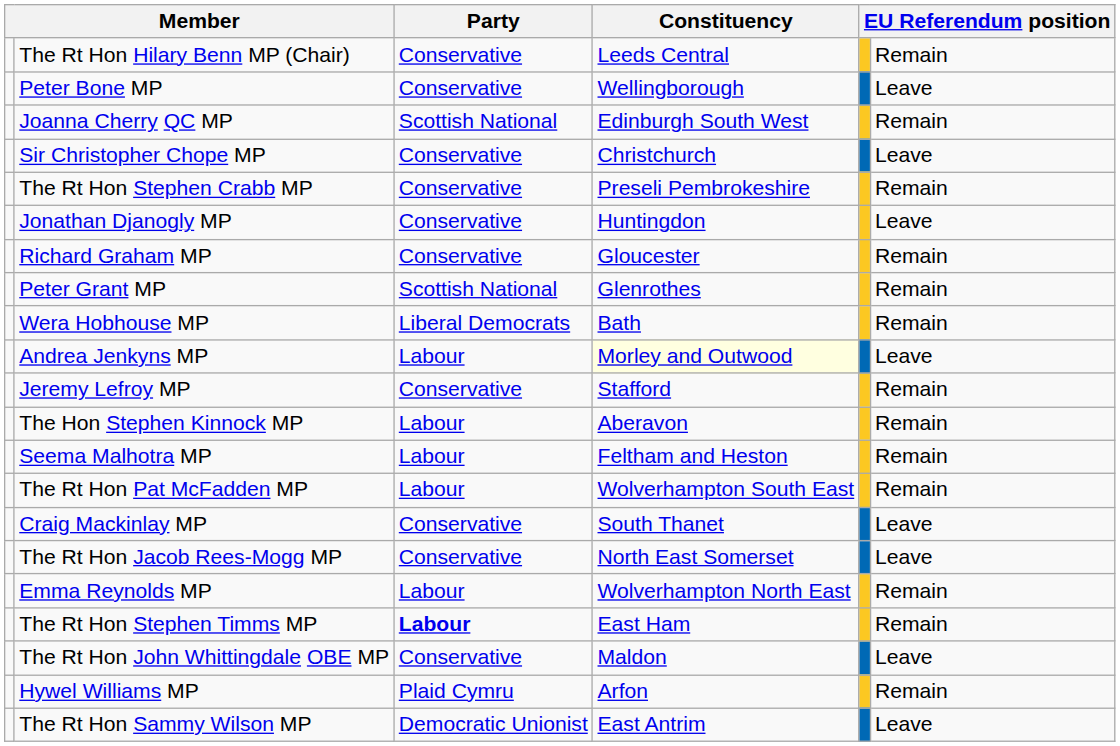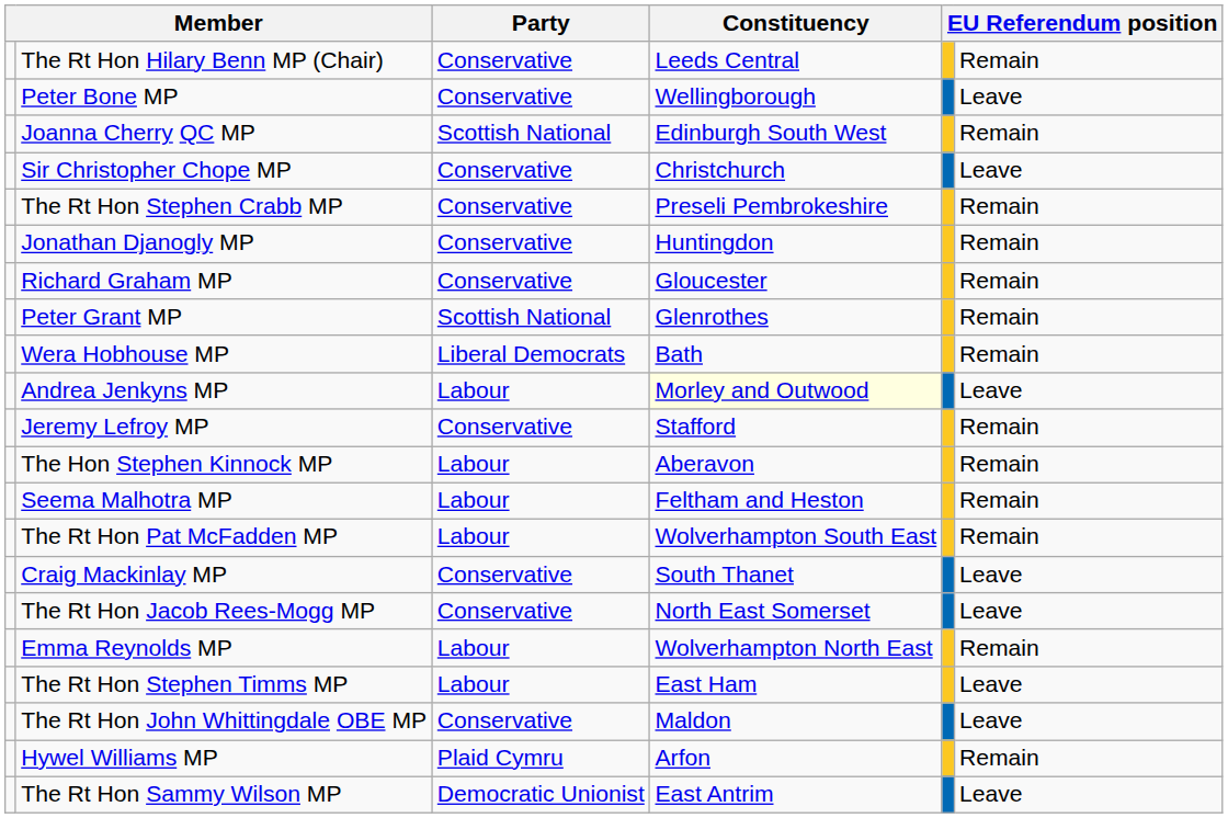 <table class="wikitable">
 <tr>
 <th colspan="2" valign="top">Member</th>
 <th valign="top">Party</th>
 <th valign="top">Constituency</th>
 <th colspan="2"><a href='#'>EU Referendum</a> position</th>
 </tr>
 <tr>
 <td style="color:inherit;background:"></td>
 <td>The Rt Hon <a href='#'>Hilary Benn</a> MP (Chair)</td>
 <td><a href='#'>Conservative</a></td>
 <td><a href='#'>Leeds Central</a></td>
 <td bgcolor="#FCC822" style="width: 1px"></td>
 <td>Remain</td>
 </tr>
 <tr>
 <td style="color:inherit;background:"></td>
 <td><a href='#'>Peter Bone</a> MP</td>
 <td><a href='#'>Conservative</a></td>
 <td><a href='#'>Wellingborough</a></td>
 <td bgcolor="#0069B5" style="width: 1px"></td>
 <td>Leave</td>
 </tr>
 <tr>
 <td style="color:inherit;background:"></td>
 <td><a href='#'>Joanna Cherry</a> <a href='#'>QC</a> MP</td>
 <td><a href='#'>Scottish National</a></td>
 <td><a href='#'>Edinburgh South West</a></td>
 <td bgcolor="#FCC822" style="width: 1px"></td>
 <td>Remain</td>
 </tr>
 <tr>
 <td style="color:inherit;background:"></td>
 <td><a href='#'>Sir Christopher Chope</a> MP</td>
 <td><a href='#'>Conservative</a></td>
 <td><a href='#'>Christchurch</a></td>
 <td bgcolor="#0069B5" style="width: 1px"></td>
 <td>Leave</td>
 </tr>
 <tr>
 <td style="color:inherit;background:"></td>
 <td>The Rt Hon <a href='#'>Stephen Crabb</a> MP</td>
 <td><a href='#'>Conservative</a></td>
 <td><a href='#'>Preseli Pembrokeshire</a></td>
 <td bgcolor="#FCC822" style="width: 1px"></td>
 <td>Remain</td>
 </tr>
 <tr>
 <td style="color:inherit;background:"></td>
 <td><a href='#'>Jonathan Djanogly</a> MP</td>
 <td><a href='#'>Conservative</a></td>
 <td><a href='#'>Huntingdon</a></td>
 <td bgcolor="#FCC822" style="width: 1px"></td>
-<td>Leave</td>
+<td>Remain</td>
 </tr>
 <tr>
 <td style="color:inherit;background:"></td>
 <td><a href='#'>Richard Graham</a> MP</td>
 <td><a href='#'>Conservative</a></td>
 <td><a href='#'>Gloucester</a></td>
 <td bgcolor="#FCC822" style="width: 1px"></td>
 <td>Remain</td>
 </tr>
 <tr>
 <td style="color:inherit;background:"></td>
 <td><a href='#'>Peter Grant</a> MP</td>
 <td><a href='#'>Scottish National</a></td>
 <td><a href='#'>Glenrothes</a></td>
 <td bgcolor="#FCC822" style="width: 1px"></td>
 <td>Remain</td>
 </tr>
 <tr>
 <td style="color:inherit;background:"></td>
 <td><a href='#'>Wera Hobhouse</a> MP</td>
 <td><a href='#'>Liberal Democrats</a></td>
 <td><a href='#'>Bath</a></td>
 <td bgcolor="#FCC822" style="width: 1px"></td>
 <td>Remain</td>
 </tr>
 <tr>
 <td style="color:inherit;background:"></td>
 <td><a href='#'>Andrea Jenkyns</a> MP</td>
 <td><a href='#'>Labour</a></td>
 <td style="background: lightyellow;"><a href='#'>Morley and Outwood</a></td>
 <td bgcolor="#0069B5" style="width: 1px"></td>
 <td>Leave</td>
 </tr>
 <tr>
 <td style="color:inherit;background:"></td>
 <td><a href='#'>Jeremy Lefroy</a> MP</td>
 <td><a href='#'>Conservative</a></td>
 <td><a href='#'>Stafford</a></td>
 <td bgcolor="#FCC822" style="width: 1px"></td>
 <td>Remain</td>
 </tr>
 <tr>
 <td style="color:inherit;background:"></td>
 <td>The Hon <a href='#'>Stephen Kinnock</a> MP</td>
 <td><a href='#'>Labour</a></td>
 <td><a href='#'>Aberavon</a></td>
 <td bgcolor="#FCC822" style="width: 1px"></td>
 <td>Remain</td>
 </tr>
 <tr>
 <td style="color:inherit;background:"></td>
 <td><a href='#'>Seema Malhotra</a> MP</td>
 <td><a href='#'>Labour</a></td>
 <td><a href='#'>Feltham and Heston</a></td>
 <td bgcolor="#FCC822" style="width: 1px"></td>
 <td>Remain</td>
 </tr>
 <tr>
 <td style="color:inherit;background:"></td>
 <td>The Rt Hon <a href='#'>Pat McFadden</a> MP</td>
 <td><a href='#'>Labour</a></td>
 <td><a href='#'>Wolverhampton South East</a></td>
 <td bgcolor="#FCC822" style="width: 1px"></td>
 <td>Remain</td>
 </tr>
 <tr>
 <td style="color:inherit;background:"></td>
 <td><a href='#'>Craig Mackinlay</a> MP</td>
 <td><a href='#'>Conservative</a></td>
 <td><a href='#'>South Thanet</a></td>
 <td bgcolor="#0069B5" style="width: 1px"></td>
 <td>Leave</td>
 </tr>
 <tr>
 <td style="color:inherit;background:"></td>
 <td>The Rt Hon <a href='#'>Jacob Rees-Mogg</a> MP</td>
 <td><a href='#'>Conservative</a></td>
 <td><a href='#'>North East Somerset</a></td>
 <td bgcolor="#0069B5" style="width: 1px"></td>
 <td>Leave</td>
 </tr>
 <tr>
 <td style="color:inherit;background:"></td>
 <td><a href='#'>Emma Reynolds</a> MP</td>
 <td><a href='#'>Labour</a></td>
 <td><a href='#'>Wolverhampton North East</a></td>
 <td bgcolor="#FCC822" style="width: 1px"></td>
 <td>Remain</td>
 </tr>
 <tr>
 <td style="color:inherit;background:"></td>
 <td>The Rt Hon <a href='#'>Stephen Timms</a> MP</td>
-<td><strong><a href='#'>Labour</a></strong></td>
+<td><a href='#'>Labour</a></td>
 <td><a href='#'>East Ham</a></td>
 <td bgcolor="#FCC822" style="width: 1px"></td>
-<td>Remain</td>
+<td>Leave</td>
 </tr>
 <tr>
 <td style="color:inherit;background:"></td>
 <td>The Rt Hon <a href='#'>John Whittingdale</a> <a href='#'>OBE</a> MP</td>
 <td><a href='#'>Conservative</a></td>
 <td><a href='#'>Maldon</a></td>
 <td bgcolor="#0069B5" style="width: 1px"></td>
 <td>Leave</td>
 </tr>
 <tr>
 <td style="color:inherit;background:"></td>
 <td><a href='#'>Hywel Williams</a> MP</td>
 <td><a href='#'>Plaid Cymru</a></td>
 <td><a href='#'>Arfon</a></td>
 <td bgcolor="#FCC822" style="width: 1px"></td>
 <td>Remain</td>
 </tr>
 <tr>
 <td style="color:inherit;background:"></td>
 <td>The Rt Hon <a href='#'>Sammy Wilson</a> MP</td>
 <td><a href='#'>Democratic Unionist</a></td>
 <td><a href='#'>East Antrim</a></td>
 <td bgcolor="#0069B5" style="width: 1px"></td>
 <td>Leave</td>
 </tr>
 </table>
